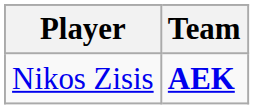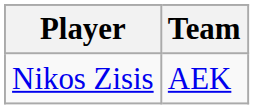 <table class="wikitable">
 <tr>
 <th>Player</th>
 <th>Team</th>
 </tr>
 <tr>
 <td> <a href='#'>Nikos Zisis</a></td>
-<td><strong><a href='#'>AEK</a></strong></td>
+<td><a href='#'>AEK</a></td>
 </tr>
 </table>
